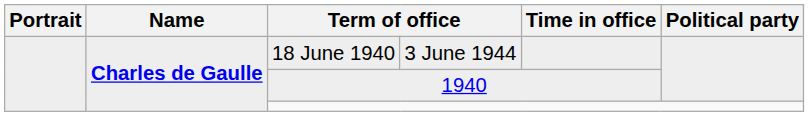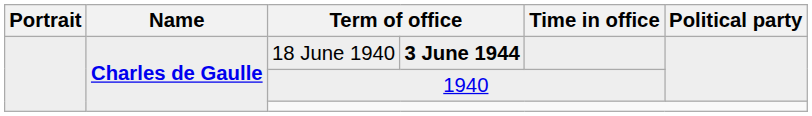 <table class="wikitable">
 <tr ->
 <th>Portrait</th>
 <th>Name<br></th>
 <th colspan=2>Term of office</th>
 <th>Time in office</th>
 <th>Political party</th>
 </tr>
 <tr - bgcolor=#EEEEEE>
 <td rowspan=3></td>
 <td rowspan=3 align=center><strong><a href='#'>Charles de Gaulle</a></strong><br></td>
 <td>18 June 1940</td>
-<td>3 June 1944</td>
+<td><strong>3 June 1944</strong></td>
 <td></td>
 <td rowspan=2></td>
 </tr>
 <tr bgcolor=#EEEEEE>
 <td colspan=3 align=center><a href='#'>1940</a></td>
 </tr>
 <tr>
 <td colspan=4></td>
 </tr>
 </table>
